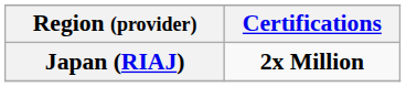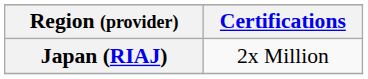 <table class="wikitable sortable plainrowheaders">
 <tr>
 </tr>
 <tr>
 <th width="140" scope="col">Region <small>(provider)</small></th>
 <th width="110" scope="col"><a href='#'>Certifications</a></th>
 </tr>
 <tr>
 <th scope="row">Japan (<a href='#'>RIAJ</a>)</th>
-<td align="center"><strong>2x Million</strong></td>
+<td align="center">2x Million</td>
 </tr>
 <tr>
 </tr>
 </table>
